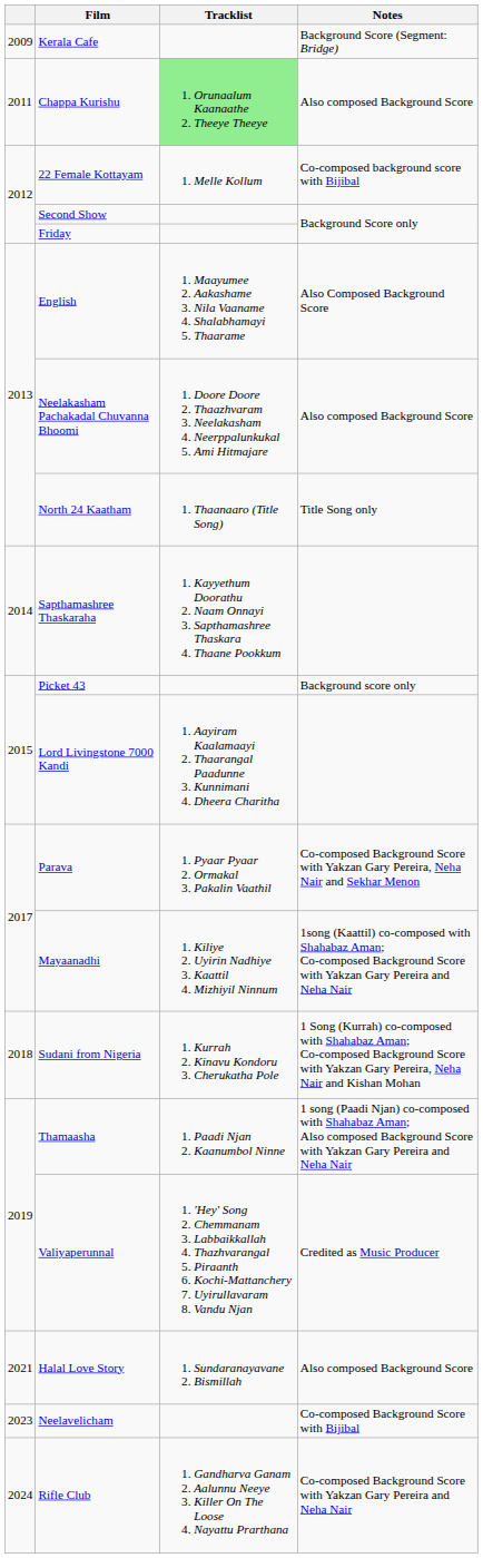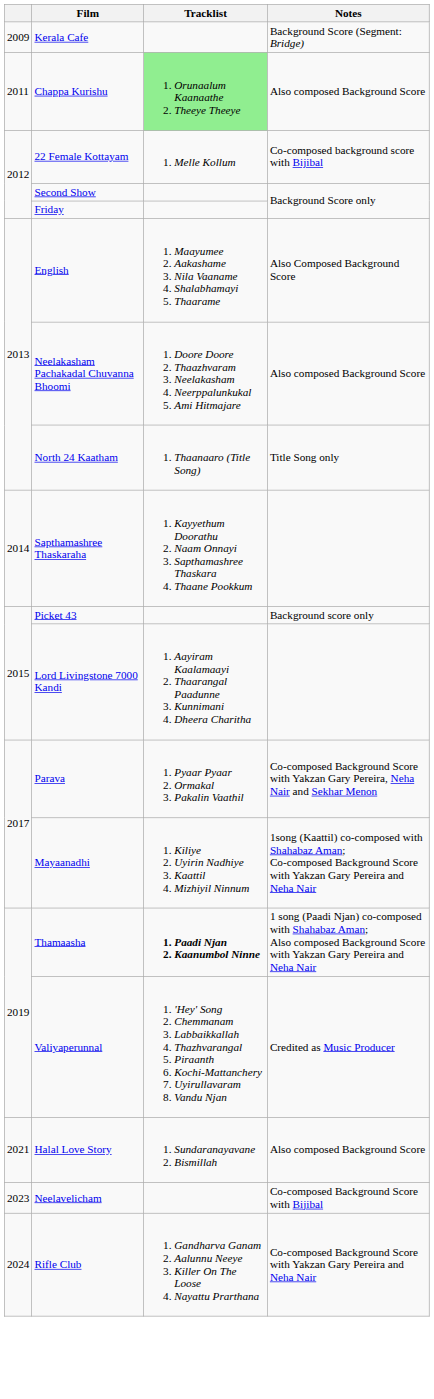 <table class="wikitable">
 <tr>
 <th></th>
 <th>Film</th>
 <th>Tracklist</th>
 <th>Notes</th>
 </tr>
 <tr>
 <td rowspan="1">2009</td>
 <td><a href='#'>Kerala Cafe</a></td>
 <td></td>
 <td>Background Score (Segment: <em>Bridge)</em></td>
 </tr>
 <tr>
 <td rowspan="1">2011</td>
 <td><a href='#'>Chappa Kurishu</a></td>
 <td style="background: lightgreen;"><br><ol><li><em>Orunaalum Kaanaathe</em></li><li><em>Theeye Theeye</em></li></ol></td>
 <td>Also composed Background Score</td>
 </tr>
 <tr>
 <td rowspan="3">2012</td>
 <td><a href='#'>22 Female Kottayam</a></td>
 <td><br><ol><li><em>Melle Kollum</em></li></ol></td>
 <td>Co-composed background score with <a href='#'>Bijibal</a></td>
 </tr>
 <tr>
 <td><a href='#'>Second Show</a></td>
 <td></td>
 <td rowspan="2">Background Score only</td>
 </tr>
 <tr>
 <td><a href='#'>Friday</a></td>
 <td></td>
 </tr>
 <tr>
 <td rowspan="3">2013</td>
 <td><a href='#'>English</a></td>
 <td><br><ol><li><em>Maayumee</em></li><li><em>Aakashame</em></li><li><em>Nila Vaaname</em></li><li><em>Shalabhamayi</em></li><li><em>Thaarame</em></li></ol></td>
 <td>Also Composed Background Score</td>
 </tr>
 <tr>
 <td><a href='#'>Neelakasham Pachakadal Chuvanna Bhoomi</a></td>
 <td><br><ol><li><em>Doore Doore</em></li><li><em>Thaazhvaram</em></li><li><em>Neelakasham</em></li><li><em>Neerppalunkukal</em></li><li><em>Ami Hitmajare</em></li></ol></td>
 <td>Also composed Background Score</td>
 </tr>
 <tr>
 <td><a href='#'>North 24 Kaatham</a></td>
 <td><br><ol><li><em>Thaanaaro (Title Song)</em></li></ol></td>
 <td>Title Song only</td>
 </tr>
 <tr>
 <td rowspan="1">2014</td>
 <td><a href='#'>Sapthamashree Thaskaraha</a></td>
 <td><br><ol><li><em>Kayyethum Doorathu</em></li><li><em>Naam Onnayi</em></li><li><em>Sapthamashree Thaskara</em></li><li><em>Thaane Pookkum</em></li></ol></td>
 <td></td>
 </tr>
 <tr>
 <td rowspan="2">2015</td>
 <td><a href='#'>Picket 43</a></td>
 <td></td>
 <td>Background score only</td>
 </tr>
 <tr>
 <td><a href='#'>Lord Livingstone 7000 Kandi</a></td>
 <td><br><ol><li><em>Aayiram Kaalamaayi</em></li><li><em>Thaarangal Paadunne</em></li><li><em>Kunnimani</em></li><li><em>Dheera Charitha</em></li></ol></td>
 <td></td>
 </tr>
 <tr>
 <td rowspan="2">2017</td>
 <td><a href='#'>Parava</a></td>
 <td><br><ol><li><em>Pyaar Pyaar</em></li><li><em>Ormakal</em></li><li><em>Pakalin Vaathil</em></li></ol></td>
 <td>Co-composed Background Score with Yakzan Gary Pereira, <a href='#'>Neha Nair</a> and <a href='#'>Sekhar Menon</a></td>
 </tr>
 <tr>
 <td><a href='#'>Mayaanadhi</a></td>
 <td><br><ol><li><em>Kiliye</em></li><li><em>Uyirin Nadhiye</em></li><li><em>Kaattil</em></li><li><em>Mizhiyil Ninnum</em></li></ol></td>
 <td>1song (Kaattil) co-composed with <a href='#'>Shahabaz Aman</a>;<br>Co-composed Background Score with Yakzan Gary Pereira and <a href='#'>Neha Nair</a></td>
 </tr>
 <tr>
-<td rowspan="1">2018</td>
-<td><a href='#'>Sudani from Nigeria</a></td>
-<td><br><ol><li><em>Kurrah</em></li><li><em>Kinavu Kondoru</em></li><li><em>Cherukatha Pole</em></li></ol></td>
-<td>1 Song (Kurrah) co-composed with <a href='#'>Shahabaz Aman</a>;<br>Co-composed Background Score with Yakzan Gary Pereira, <a href='#'>Neha Nair</a> and Kishan Mohan</td>
-</tr>
-<tr>
 <td rowspan="2">2019</td>
 <td><a href='#'>Thamaasha</a></td>
-<td><br><ol><li><em>Paadi Njan</em></li><li><em>Kaanumbol Ninne</em></li></ol></td>
+<td><strong><br><ol><li><em>Paadi Njan</em></li><li><em>Kaanumbol Ninne</em></li></ol></strong></td>
 <td>1 song (Paadi Njan) co-composed with <a href='#'>Shahabaz Aman</a>;<br>Also composed Background Score with Yakzan Gary Pereira and <a href='#'>Neha Nair</a></td>
 </tr>
 <tr>
 <td><a href='#'>Valiyaperunnal</a></td>
 <td><br><ol><li><em>'Hey' Song</em></li><li><em>Chemmanam</em></li><li><em>Labbaikkallah</em></li><li><em>Thazhvarangal</em></li><li><em>Piraanth</em></li><li><em>Kochi-Mattanchery</em></li><li><em>Uyirullavaram</em></li><li><em>Vandu Njan</em></li></ol></td>
 <td>Credited as <a href='#'>Music Producer</a></td>
 </tr>
 <tr>
 <td>2021</td>
 <td><a href='#'>Halal Love Story</a></td>
 <td><br><ol><li><em>Sundaranayavane</em></li><li><em>Bismillah</em></li></ol></td>
 <td>Also composed Background Score</td>
 </tr>
 <tr>
 <td>2023</td>
 <td><a href='#'>Neelavelicham</a></td>
 <td></td>
 <td>Co-composed Background Score with <a href='#'>Bijibal</a></td>
 </tr>
 <tr>
 <td>2024</td>
 <td><a href='#'>Rifle Club</a></td>
 <td><br><ol><li><em>Gandharva Ganam</em></li><li><em>Aalunnu Neeye</em></li><li><em>Killer On The Loose</em></li><li><em>Nayattu Prarthana</em></li></ol></td>
 <td>Co-composed Background Score with Yakzan Gary Pereira and <a href='#'>Neha Nair</a></td>
 </tr>
 </table>
